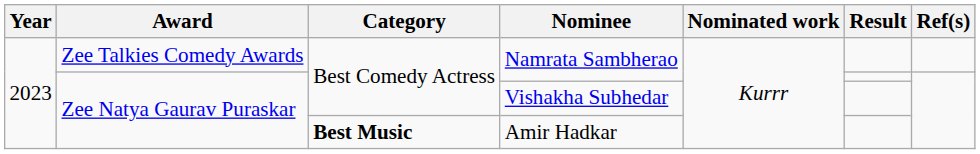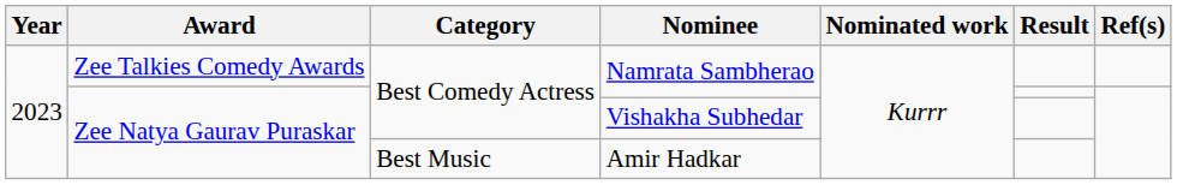 <table class="wikitable">
 <tr>
 <th>Year</th>
 <th>Award</th>
 <th>Category</th>
 <th>Nominee</th>
 <th>Nominated work</th>
 <th>Result</th>
 <th>Ref(s)</th>
 </tr>
 <tr>
 <td rowspan="4">2023</td>
 <td><a href='#'>Zee Talkies Comedy Awards</a></td>
 <td rowspan="3">Best Comedy Actress</td>
 <td rowspan="2"><a href='#'>Namrata Sambherao</a></td>
 <td rowspan="4" style="text-align:center"><em>Kurrr</em></td>
 <td></td>
 <td style="text-align:center"></td>
 </tr>
 <tr>
 <td rowspan="3"><a href='#'>Zee Natya Gaurav Puraskar</a></td>
 <td></td>
 <td rowspan="3" style="text-align:center"></td>
 </tr>
 <tr>
 <td><a href='#'>Vishakha Subhedar</a></td>
 <td></td>
 </tr>
 <tr>
-<td><strong>Best Music</strong></td>
+<td>Best Music</td>
 <td>Amir Hadkar</td>
 <td></td>
 </tr>
 </table>
